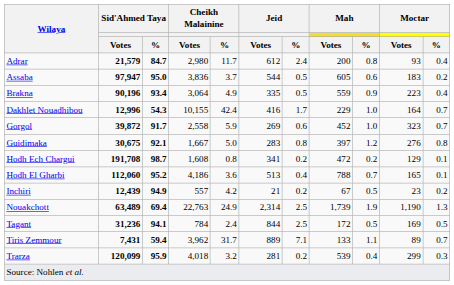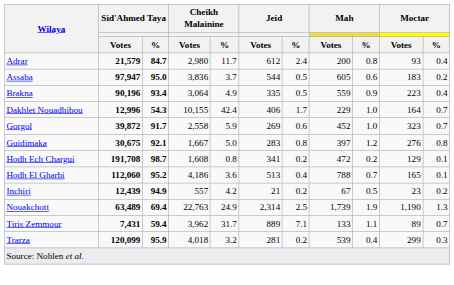 <table class="wikitable sortable" style="text-align:right; font-size:95%; line-height:20px">
 <tr>
 <th width="150" rowspan="3"><a href='#'>Wilaya</a></th>
 <th width="110" colspan="2">Sid'Ahmed Taya</th>
 <th width="110" colspan="2">Cheikh Malainine</th>
 <th width="110" colspan="2">Jeid</th>
 <th width="110" colspan="2">Mah</th>
 <th width="110" colspan="2">Moctar</th>
 </tr>
 <tr>
 <th colspan="2" style="background:"></th>
 <th colspan="2" style="background:"></th>
 <th colspan="2" style="background:"></th>
 <th colspan="2" style="background:#F1DD36;"></th>
 <th colspan="2" style="background:#FEFF01;"></th>
 </tr>
 <tr>
 <th>Votes</th>
 <th>%</th>
 <th>Votes</th>
 <th>%</th>
 <th>Votes</th>
 <th>%</th>
 <th>Votes</th>
 <th>%</th>
 <th>Votes</th>
 <th>%</th>
 </tr>
 <tr>
 <td align="left"><a href='#'>Adrar</a></td>
 <td><strong>21,579</strong></td>
 <td><strong>84.7</strong></td>
 <td>2,980</td>
 <td>11.7</td>
 <td>612</td>
 <td>2.4</td>
 <td>200</td>
 <td>0.8</td>
 <td>93</td>
 <td>0.4</td>
 </tr>
 <tr>
 <td align="left"><a href='#'>Assaba</a></td>
 <td><strong>97,947</strong></td>
 <td><strong>95.0</strong></td>
 <td>3,836</td>
 <td>3.7</td>
 <td>544</td>
 <td>0.5</td>
 <td>605</td>
 <td>0.6</td>
 <td>183</td>
 <td>0.2</td>
 </tr>
 <tr>
 <td align="left"><a href='#'>Brakna</a></td>
 <td><strong>90,196</strong></td>
 <td><strong>93.4</strong></td>
 <td>3,064</td>
 <td>4.9</td>
 <td>335</td>
 <td>0.5</td>
 <td>559</td>
 <td>0.9</td>
 <td>223</td>
 <td>0.4</td>
 </tr>
 <tr>
 <td align="left"><a href='#'>Dakhlet Nouadhibou</a></td>
 <td><strong>12,996</strong></td>
 <td><strong>54.3</strong></td>
 <td>10,155</td>
 <td>42.4</td>
-<td>416</td>
+<td>406</td>
 <td>1.7</td>
 <td>229</td>
 <td>1.0</td>
 <td>164</td>
 <td>0.7</td>
 </tr>
 <tr>
 <td align="left"><a href='#'>Gorgol</a></td>
 <td><strong>39,872</strong></td>
 <td><strong>91.7</strong></td>
 <td>2,558</td>
 <td>5.9</td>
 <td>269</td>
 <td>0.6</td>
 <td>452</td>
 <td>1.0</td>
 <td>323</td>
 <td>0.7</td>
 </tr>
 <tr>
 <td align="left"><a href='#'>Guidimaka</a></td>
 <td><strong>30,675</strong></td>
 <td><strong>92.1</strong></td>
 <td>1,667</td>
 <td>5.0</td>
 <td>283</td>
 <td>0.8</td>
 <td>397</td>
 <td>1.2</td>
 <td>276</td>
 <td>0.8</td>
 </tr>
 <tr>
 <td align="left"><a href='#'>Hodh Ech Chargui</a></td>
 <td><strong>191,708</strong></td>
 <td><strong>98.7</strong></td>
 <td>1,608</td>
 <td>0.8</td>
 <td>341</td>
 <td>0.2</td>
 <td>472</td>
 <td>0.2</td>
 <td>129</td>
 <td>0.1</td>
 </tr>
 <tr>
 <td align="left"><a href='#'>Hodh El Gharbi</a></td>
 <td><strong>112,060</strong></td>
 <td><strong>95.2</strong></td>
 <td>4,186</td>
 <td>3.6</td>
 <td>513</td>
 <td>0.4</td>
 <td>788</td>
 <td>0.7</td>
 <td>165</td>
 <td>0.1</td>
 </tr>
 <tr>
 <td align="left"><a href='#'>Inchiri</a></td>
 <td><strong>12,439</strong></td>
 <td><strong>94.9</strong></td>
 <td>557</td>
 <td>4.2</td>
 <td>21</td>
 <td>0.2</td>
 <td>67</td>
 <td>0.5</td>
 <td>23</td>
 <td>0.2</td>
 </tr>
 <tr>
 <td align="left"><a href='#'>Nouakchott</a></td>
 <td><strong>63,489</strong></td>
 <td><strong>69.4</strong></td>
 <td>22,763</td>
 <td>24.9</td>
 <td>2,314</td>
 <td>2.5</td>
 <td>1,739</td>
 <td>1.9</td>
 <td>1,190</td>
 <td>1.3</td>
 </tr>
 <tr>
-<td align="left"><a href='#'>Tagant</a></td>
-<td><strong>31,236</strong></td>
-<td><strong>94.1</strong></td>
-<td>784</td>
-<td>2.4</td>
-<td>844</td>
-<td>2.5</td>
-<td>172</td>
-<td>0.5</td>
-<td>169</td>
-<td>0.5</td>
-</tr>
-<tr>
 <td align="left"><a href='#'>Tiris Zemmour</a></td>
 <td><strong>7,431</strong></td>
 <td><strong>59.4</strong></td>
 <td>3,962</td>
 <td>31.7</td>
 <td>889</td>
 <td>7.1</td>
 <td>133</td>
 <td>1.1</td>
 <td>89</td>
 <td>0.7</td>
 </tr>
 <tr>
 <td align="left"><a href='#'>Trarza</a></td>
 <td><strong>120,099</strong></td>
 <td><strong>95.9</strong></td>
 <td>4,018</td>
 <td>3.2</td>
 <td>281</td>
 <td>0.2</td>
 <td>539</td>
 <td>0.4</td>
 <td>299</td>
 <td>0.3</td>
 </tr>
 <tr class="sortbottom">
 <td colspan="11" style="text-align:left; background-color:#eaecf0">Source: Nohlen <em>et al.</em></td>
 </tr>
 </table>
